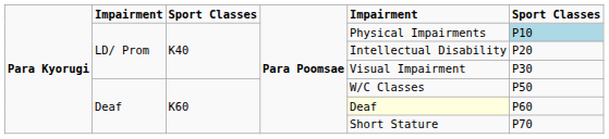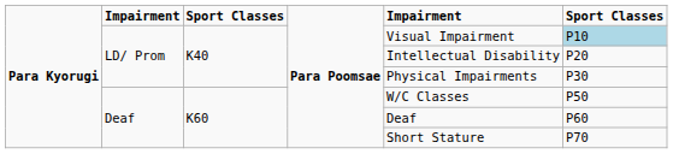 <table class="wikitable">
 <tr>
 <td rowspan="7"><strong>Para Kyorugi</strong></td>
 <td><strong>Impairment</strong></td>
 <td><strong>Sport Classes</strong></td>
 <td rowspan="7"><strong>Para Poomsae</strong></td>
 <td><strong>Impairment</strong></td>
 <td><strong>Sport Classes</strong></td>
 </tr>
 <tr>
 <td rowspan="3">LD/ Prom</td>
 <td rowspan="3">K40</td>
-<td>Physical Impairments</td>
+<td>Visual Impairment</td>
 <td style="background: lightblue;">P10</td>
 </tr>
 <tr>
 <td>Intellectual Disability</td>
 <td>P20</td>
 </tr>
 <tr>
-<td>Visual Impairment</td>
+<td>Physical Impairments</td>
 <td>P30</td>
 </tr>
 <tr>
 <td rowspan="3">Deaf</td>
 <td rowspan="3">K60</td>
 <td>W/C Classes</td>
 <td>P50</td>
 </tr>
 <tr>
-<td style="background: lightyellow;">Deaf</td>
+<td>Deaf</td>
 <td>P60</td>
 </tr>
 <tr>
 <td>Short Stature</td>
 <td>P70</td>
 </tr>
 </table>
